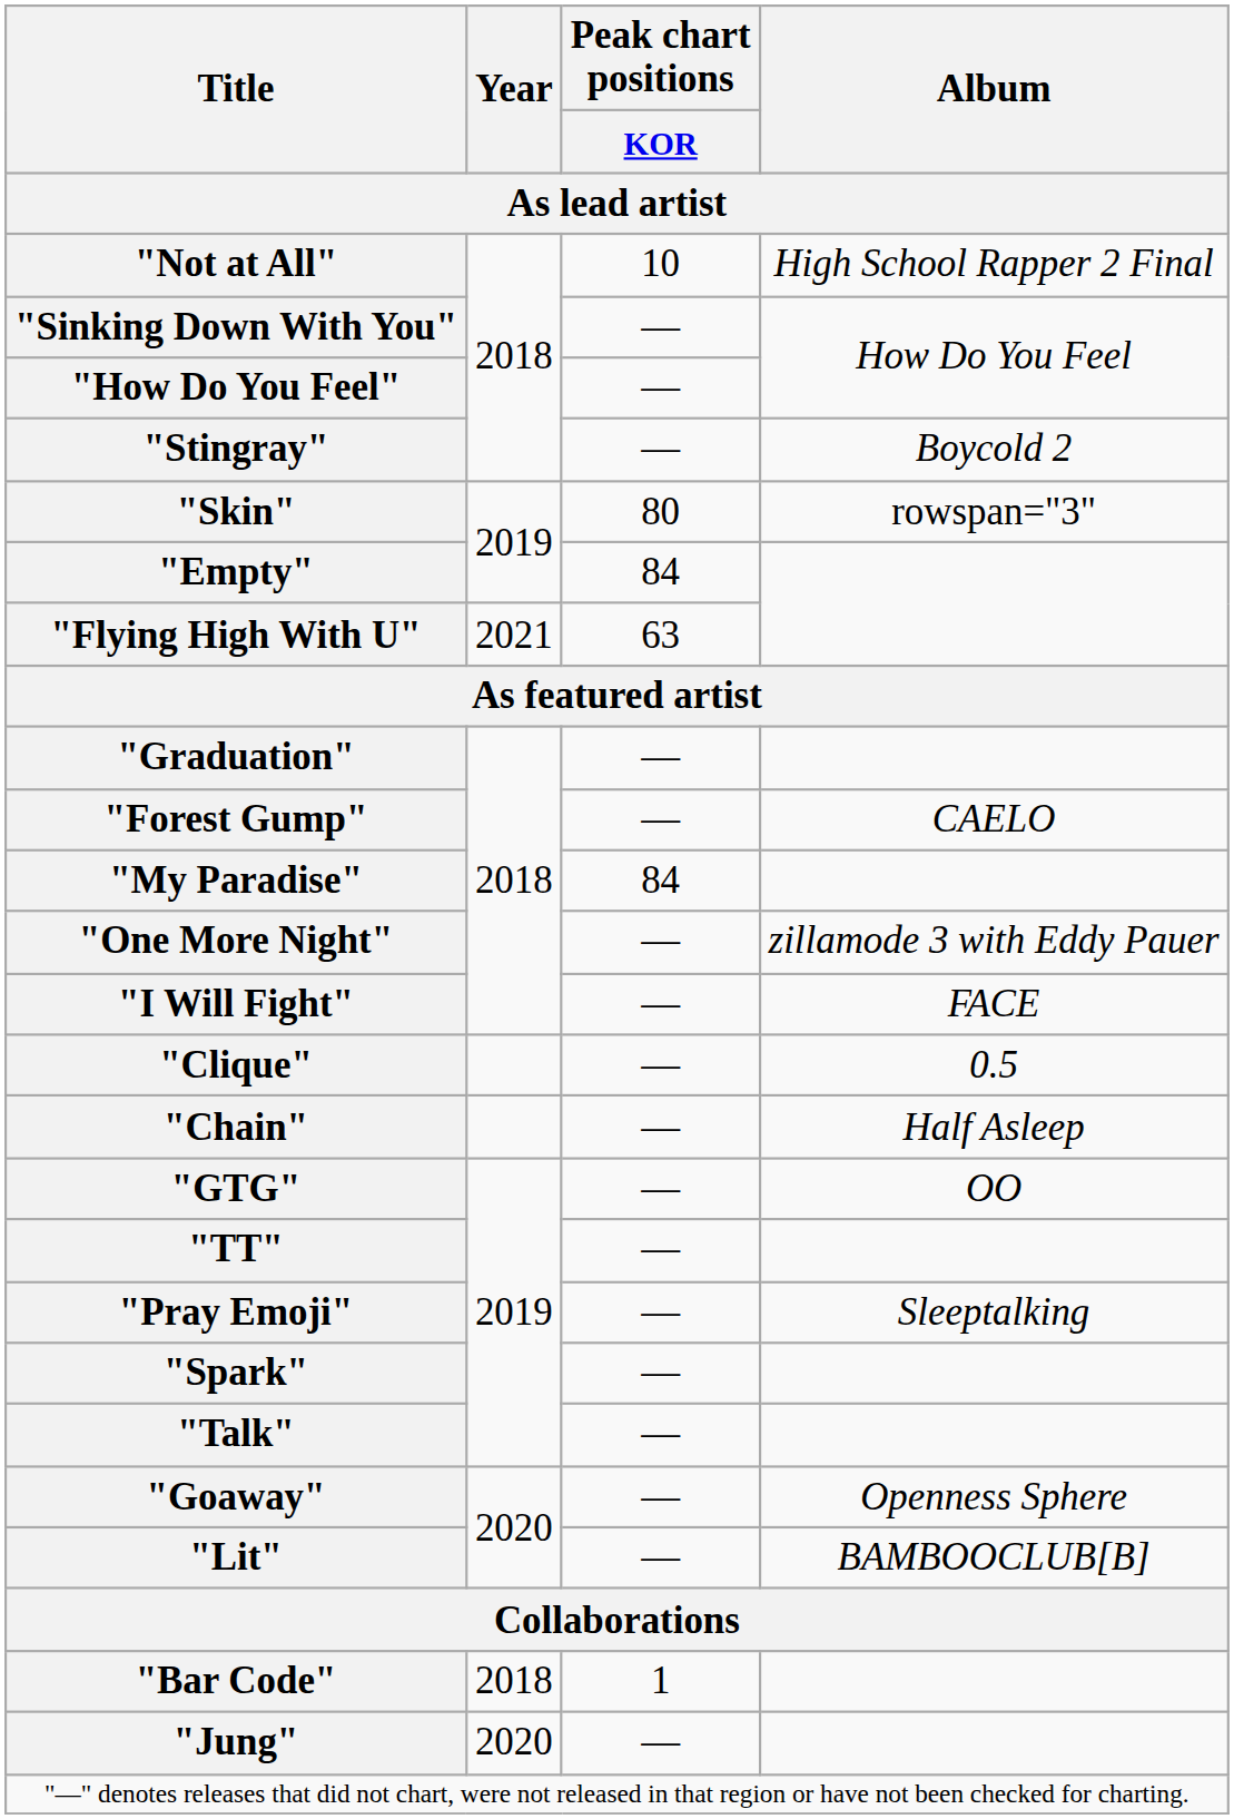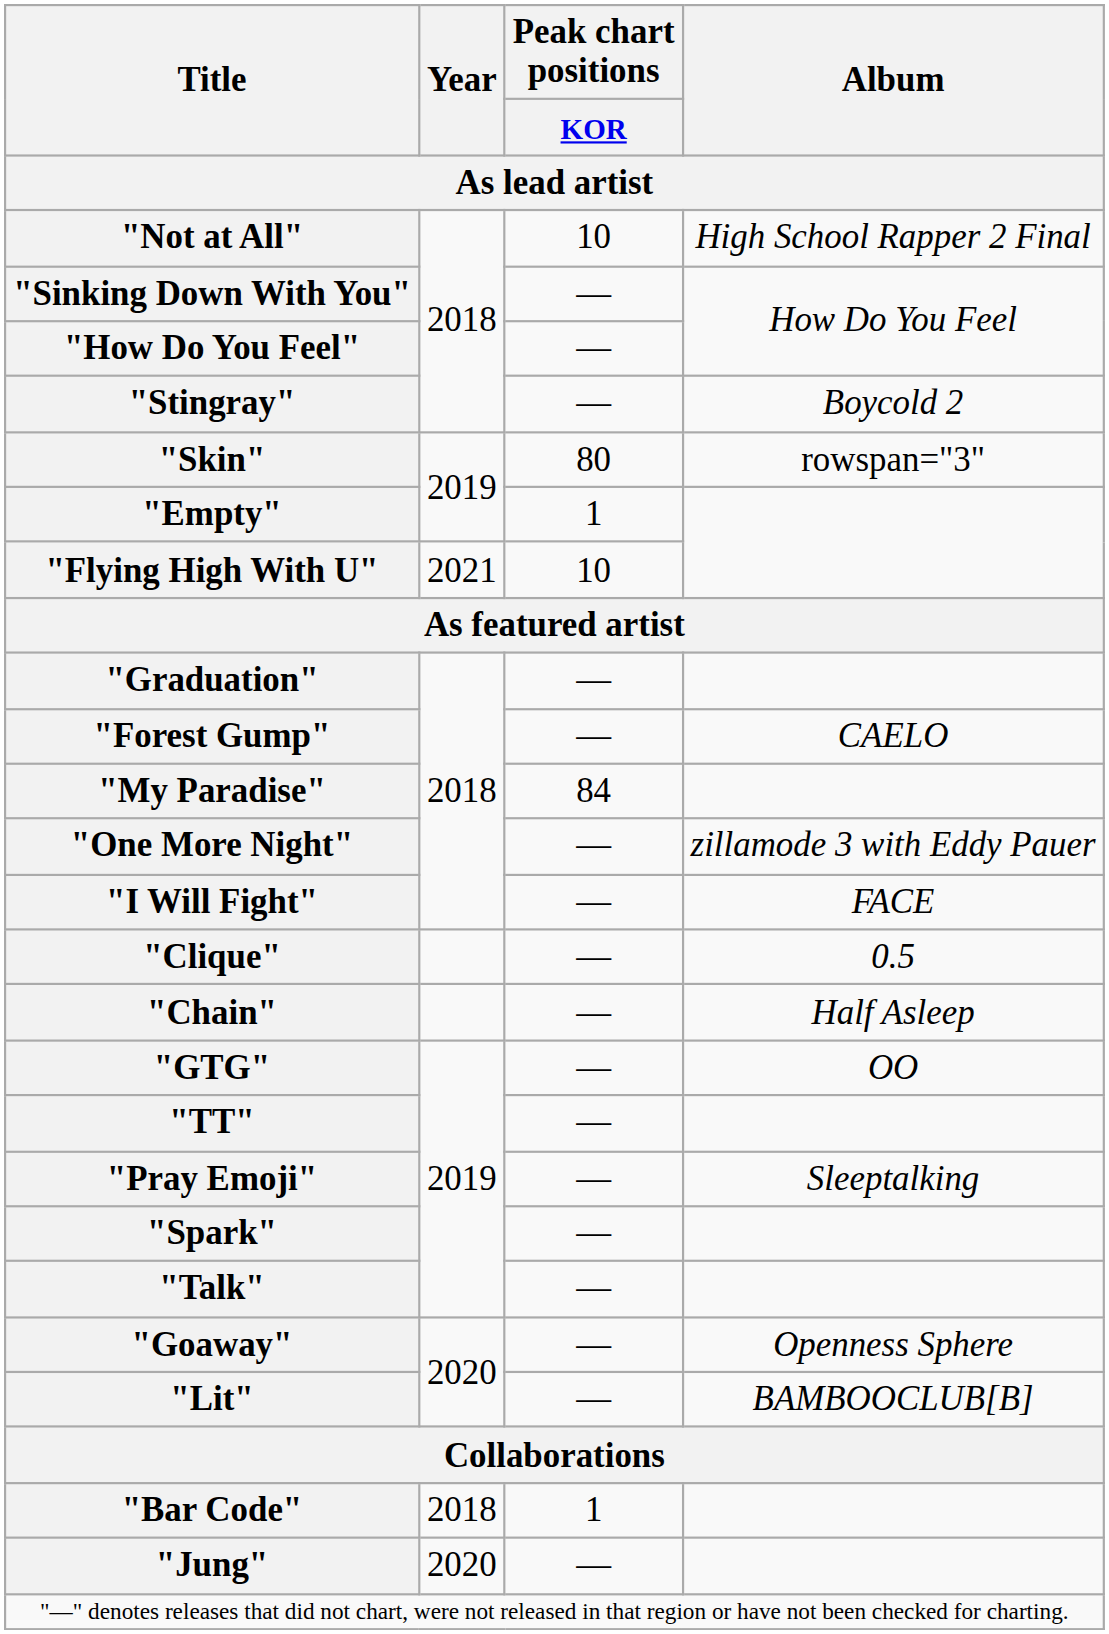 <table class="wikitable plainrowheaders" style="text-align:center;">
 <tr>
 <th scope="col" rowspan="2">Title</th>
 <th scope="col" rowspan="2">Year</th>
 <th scope="col" colspan="1">Peak chart <br> positions</th>
 <th scope="col" rowspan="2">Album</th>
 </tr>
 <tr>
 <th><small><a href='#'>KOR</a></small><br></th>
 </tr>
 <tr>
 <th scope="col" colspan="5">As lead artist</th>
 </tr>
 <tr>
 <th scope="row">"Not at All" </th>
 <td rowspan="4">2018</td>
 <td>10</td>
 <td><em>High School Rapper 2 Final</em></td>
 </tr>
 <tr>
 <th scope="row">"Sinking Down With You"</th>
 <td>—</td>
 <td rowspan="2"><em>How Do You Feel</em></td>
 </tr>
 <tr>
 <th scope="row">"How Do You Feel" </th>
 <td>—</td>
 </tr>
 <tr>
 <th scope="row">"Stingray" </th>
 <td>—</td>
 <td><em>Boycold 2</em></td>
 </tr>
 <tr>
 <th scope="row">"Skin" </th>
 <td rowspan="2">2019</td>
 <td>80</td>
 <td>rowspan="3" </td>
 </tr>
 <tr>
 <th scope="row">"Empty" </th>
-<td>84</td>
+<td>1</td>
 </tr>
 <tr>
 <th scope="row">"Flying High With U"</th>
 <td>2021</td>
-<td>63</td>
+<td>10</td>
 </tr>
 <tr>
 <th scope="col" colspan="4">As featured artist</th>
 </tr>
 <tr>
 <th scope="row">"Graduation" </th>
 <td rowspan="5">2018</td>
 <td>—</td>
 <td></td>
 </tr>
 <tr>
 <th scope="row">"Forest Gump" </th>
 <td>—</td>
 <td><em>CAELO</em></td>
 </tr>
 <tr>
 <th scope="row">"My Paradise" </th>
 <td>84</td>
 <td></td>
 </tr>
 <tr>
 <th scope="row">"One More Night" </th>
 <td>—</td>
 <td><em>zillamode 3 with Eddy Pauer</em></td>
 </tr>
 <tr>
 <th scope="row">"I Will Fight" </th>
 <td>—</td>
 <td><em>FACE</em></td>
 </tr>
 <tr>
 <th scope="row">"Clique" </th>
 <td></td>
 <td>—</td>
 <td><em>0.5</em></td>
 </tr>
 <tr>
 <th scope="row">"Chain" </th>
 <td></td>
 <td>—</td>
 <td><em>Half Asleep</em></td>
 </tr>
 <tr>
 <th scope="row">"GTG" </th>
 <td rowspan="5">2019</td>
 <td>—</td>
 <td><em>OO</em></td>
 </tr>
 <tr>
 <th scope="row">"TT" </th>
 <td>—</td>
 <td></td>
 </tr>
 <tr>
 <th scope="row">"Pray Emoji" </th>
 <td>—</td>
 <td><em>Sleeptalking</em></td>
 </tr>
 <tr>
 <th scope="row">"Spark" </th>
 <td>—</td>
 <td></td>
 </tr>
 <tr>
 <th scope="row">"Talk" </th>
 <td>—</td>
 <td></td>
 </tr>
 <tr>
 <th scope="row">"Goaway" </th>
 <td rowspan="2">2020</td>
 <td>—</td>
 <td><em>Openness Sphere</em></td>
 </tr>
 <tr>
 <th scope="row">"Lit" </th>
 <td>—</td>
 <td><em>BAMBOOCLUB[B]</em></td>
 </tr>
 <tr>
 <th scope="col" colspan="4">Collaborations</th>
 </tr>
 <tr>
 <th scope="row">"Bar Code" </th>
 <td>2018</td>
 <td>1</td>
 <td></td>
 </tr>
 <tr>
 <th scope="row">"Jung" </th>
 <td>2020</td>
 <td>—</td>
 <td></td>
 </tr>
 <tr>
 <td colspan="6" style="font-size:8pt;">"—" denotes releases that did not chart, were not released in that region or have not been checked for charting.</td>
 </tr>
 </table>
